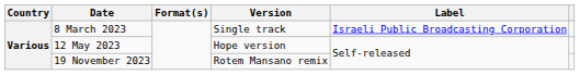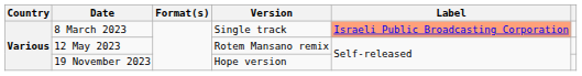 <table class="wikitable plainrowheaders">
 <tr>
 <th scope="col">Country</th>
 <th scope="col">Date</th>
 <th scope="col">Format(s)</th>
 <th>Version</th>
 <th scope="col">Label</th>
 <th scope="col"></th>
 </tr>
 <tr>
 <th rowspan="3" scope="row">Various</th>
 <td>8 March 2023</td>
 <td rowspan="3"></td>
 <td>Single track</td>
-<td><a href='#'>Israeli Public Broadcasting Corporation</a></td>
+<td style="background: lightsalmon;"><a href='#'>Israeli Public Broadcasting Corporation</a></td>
 <td align="center"></td>
 </tr>
 <tr>
 <td>12 May 2023</td>
-<td>Hope version</td>
+<td>Rotem Mansano remix</td>
 <td rowspan="2">Self-released</td>
 <td align="center"></td>
 </tr>
 <tr>
 <td>19 November 2023</td>
-<td>Rotem Mansano remix</td>
+<td>Hope version</td>
 <td align="center"></td>
 </tr>
 </table>
